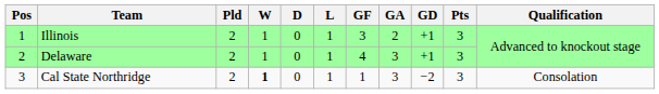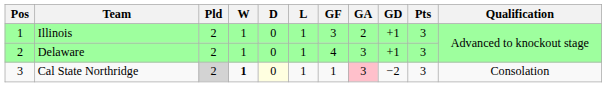 <table class="wikitable" style="text-align:center; margin: 1em auto">
 <tr>
 <th style="width:2em">Pos</th>
 <th style="width:13em">Team</th>
 <th style="width:2em">Pld</th>
 <th style="width:2em">W</th>
 <th style="width:2em">D</th>
 <th style="width:2em">L</th>
 <th style="width:2em">GF</th>
 <th style="width:2em">GA</th>
 <th style="width:2em">GD</th>
 <th style="width:2em">Pts</th>
 <th style="width:13em">Qualification</th>
 </tr>
 <tr bgcolor="#9eff9e">
 <td>1</td>
 <td style="text-align:left">Illinois</td>
 <td>2</td>
 <td>1</td>
 <td>0</td>
 <td>1</td>
 <td>3</td>
 <td>2</td>
 <td>+1</td>
 <td>3</td>
 <td rowspan="2">Advanced to knockout stage</td>
 </tr>
 <tr bgcolor="#9eff9e">
 <td>2</td>
 <td style="text-align:left">Delaware</td>
 <td>2</td>
 <td>1</td>
 <td>0</td>
 <td>1</td>
 <td>4</td>
 <td>3</td>
 <td>+1</td>
 <td>3</td>
 </tr>
 <tr>
 <td>3</td>
 <td style="text-align:left">Cal State Northridge</td>
-<td>2</td>
+<td style="background: lightgrey;">2</td>
 <td><strong>1</strong></td>
-<td>0</td>
+<td style="background: lightyellow;">0</td>
 <td>1</td>
 <td>1</td>
-<td>3</td>
+<td style="background: pink;">3</td>
 <td>−2</td>
 <td>3</td>
 <td>Consolation</td>
 </tr>
 </table>
